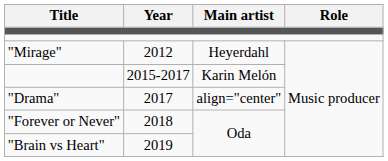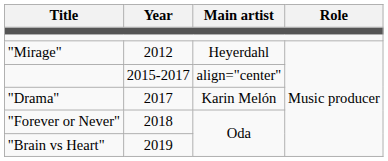 <table class="wikitable">
 <tr>
 <th>Title</th>
 <th>Year</th>
 <th>Main artist</th>
 <th>Role</th>
 </tr>
 <tr>
 <td colspan="4" style="background:#555;"></td>
 </tr>
 <tr>
 <td colspan="4"></td>
 </tr>
 <tr>
 <td>"Mirage"</td>
 <td align="center">2012</td>
 <td align="center">Heyerdahl</td>
 <td align="center" rowspan="5">Music producer</td>
 </tr>
 <tr>
 <td align="center"></td>
 <td align="center">2015-2017</td>
-<td align="center">Karin Melón</td>
+<td>align="center" </td>
 </tr>
 <tr>
 <td>"Drama"</td>
 <td align="center">2017</td>
-<td>align="center" </td>
+<td align="center">Karin Melón</td>
 </tr>
 <tr>
 <td>"Forever or Never"</td>
 <td align="center">2018</td>
 <td align="center" rowspan="2">Oda</td>
 </tr>
 <tr>
 <td>"Brain vs Heart"</td>
 <td align="center">2019</td>
 </tr>
 </table>
